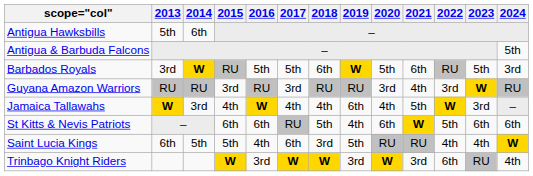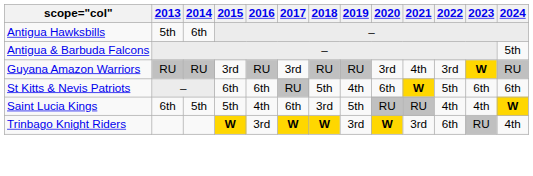 <table class="wikitable" style="text-align:center">
 <tr>
 <th>scope="col" </th>
 <th><a href='#'>2013</a></th>
 <th><a href='#'>2014</a></th>
 <th><a href='#'>2015</a></th>
 <th><a href='#'>2016</a></th>
 <th><a href='#'>2017</a></th>
 <th><a href='#'>2018</a></th>
 <th><a href='#'>2019</a></th>
 <th><a href='#'>2020</a></th>
 <th><a href='#'>2021</a></th>
 <th><a href='#'>2022</a></th>
 <th><a href='#'>2023</a></th>
 <th><a href='#'>2024</a></th>
 </tr>
 <tr>
 <td style="text-align:left;"><a href='#'>Antigua Hawksbills</a></td>
 <td>5th</td>
 <td>6th</td>
 <td colspan="10" style="background: #ececec">–</td>
 </tr>
 <tr>
 <td style="text-align:left;"><a href='#'>Antigua & Barbuda Falcons</a></td>
 <td colspan="11" style="background: #ececec">–</td>
 <td>5th</td>
 </tr>
 <tr>
-<td style="text-align:left;"><a href='#'>Barbados Royals</a></td>
-<td>3rd</td>
-<td style="background:gold;"><strong>W</strong></td>
-<td style="background:silver;">RU</td>
-<td>5th</td>
-<td>5th</td>
-<td>6th</td>
-<td style="background:gold;"><strong>W</strong></td>
-<td>5th</td>
-<td>6th</td>
-<td style="background:silver;">RU</td>
-<td>5th</td>
-<td>3rd</td>
-</tr>
-<tr>
 <td style="text-align:left;"><a href='#'>Guyana Amazon Warriors</a></td>
 <td style="background:silver;">RU</td>
 <td style="background:silver;">RU</td>
 <td>3rd</td>
 <td style="background:silver;">RU</td>
 <td>3rd</td>
 <td style="background:silver;">RU</td>
 <td style="background:silver;">RU</td>
 <td>3rd</td>
 <td>4th</td>
 <td>3rd</td>
 <td style="background:gold;"><strong>W</strong></td>
 <td style="background:silver;">RU</td>
-</tr>
-<tr>
-<td style="text-align:left;"><a href='#'>Jamaica Tallawahs</a></td>
-<td style="background:gold;"><strong>W</strong></td>
-<td>3rd</td>
-<td>4th</td>
-<td style="background:gold;"><strong>W</strong></td>
-<td>4th</td>
-<td>4th</td>
-<td>6th</td>
-<td>4th</td>
-<td>5th</td>
-<td style="background:gold;"><strong>W</strong></td>
-<td>3rd</td>
-<td style="background: #ececec">–</td>
 </tr>
 <tr>
 <td style="text-align:left;"><a href='#'>St Kitts & Nevis Patriots</a></td>
 <td colspan="2" style="background: #ececec">–</td>
 <td>6th</td>
 <td>6th</td>
 <td style="background:silver;">RU</td>
 <td>5th</td>
 <td>4th</td>
 <td>6th</td>
 <td style="background:gold;"><strong>W</strong></td>
 <td>5th</td>
 <td>6th</td>
 <td>6th</td>
 </tr>
 <tr>
 <td style="text-align:left;"><a href='#'>Saint Lucia Kings</a></td>
 <td>6th</td>
 <td>5th</td>
 <td>5th</td>
 <td>4th</td>
 <td>6th</td>
 <td>3rd</td>
 <td>5th</td>
 <td style="background:silver;">RU</td>
 <td style="background:silver;">RU</td>
 <td>4th</td>
 <td>4th</td>
 <td style="background:gold;"><strong>W</strong></td>
 </tr>
 <tr>
 <td style="text-align:left;"><a href='#'>Trinbago Knight Riders</a></td>
 <td></td>
 <td></td>
 <td style="background:gold;"><strong>W</strong></td>
 <td>3rd</td>
 <td style="background:gold;"><strong>W</strong></td>
 <td style="background:gold;"><strong>W</strong></td>
 <td>3rd</td>
 <td style="background:gold;"><strong>W</strong></td>
 <td>3rd</td>
 <td>6th</td>
 <td style="background:silver;">RU</td>
 <td>4th</td>
 </tr>
 </table>
